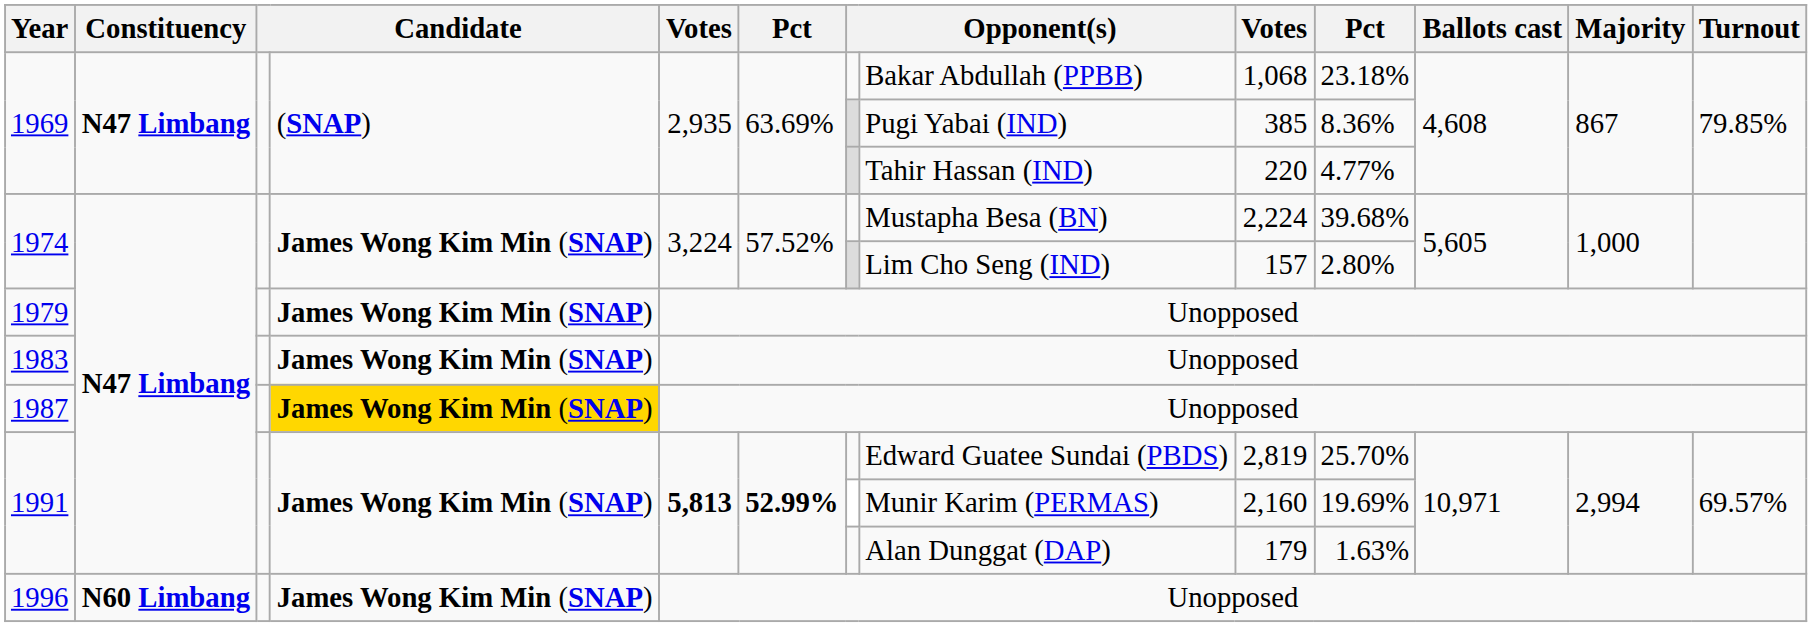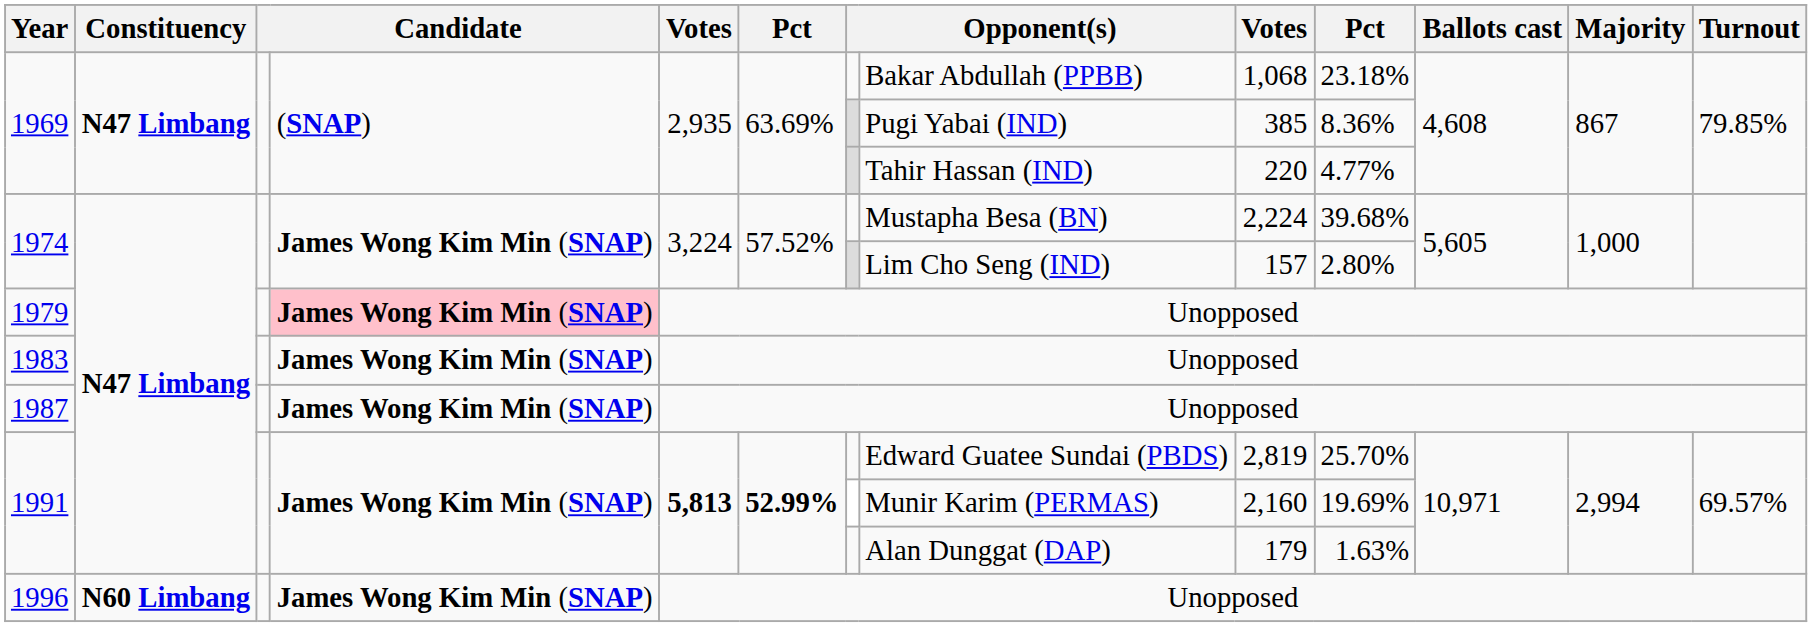 <table class="wikitable" style="margin:0.5em ; font-size:95%">
 <tr>
 <th>Year</th>
 <th>Constituency</th>
 <th colspan=2>Candidate</th>
 <th>Votes</th>
 <th>Pct</th>
 <th colspan=2>Opponent(s)</th>
 <th>Votes</th>
 <th>Pct</th>
 <th>Ballots cast</th>
 <th>Majority</th>
 <th>Turnout</th>
 </tr>
 <tr>
 <td rowspan=3><a href='#'>1969</a></td>
 <td rowspan=3><strong>N47 <a href='#'>Limbang</a></strong></td>
 <td rowspan=3></td>
 <td rowspan=3> (<a href='#'><strong>SNAP</strong></a>)</td>
 <td rowspan=3 align=right>2,935</td>
 <td rowspan=3>63.69%</td>
 <td></td>
 <td>Bakar Abdullah (<a href='#'>PPBB</a>)</td>
 <td align=right>1,068</td>
 <td>23.18%</td>
 <td rowspan=3>4,608</td>
 <td rowspan=3>867</td>
 <td rowspan=3>79.85%</td>
 </tr>
 <tr>
 <td bgcolor="#DCDCDC"></td>
 <td>Pugi Yabai (<a href='#'>IND</a>)</td>
 <td align=right>385</td>
 <td>8.36%</td>
 </tr>
 <tr>
 <td bgcolor="#DCDCDC"></td>
 <td>Tahir Hassan (<a href='#'>IND</a>)</td>
 <td align=right>220</td>
 <td>4.77%</td>
 </tr>
 <tr>
 <td rowspan=2><a href='#'>1974</a></td>
 <td rowspan=8><strong>N47 <a href='#'>Limbang</a></strong></td>
 <td rowspan=2></td>
 <td rowspan=2><strong>James Wong Kim Min</strong> (<a href='#'><strong>SNAP</strong></a>)</td>
 <td rowspan=2 align=right>3,224</td>
 <td rowspan=2>57.52%</td>
 <td></td>
 <td>Mustapha Besa (<a href='#'>BN</a>)</td>
 <td align=right>2,224</td>
 <td>39.68%</td>
 <td rowspan=2>5,605</td>
 <td rowspan=2>1,000</td>
 <td rowspan=2></td>
 </tr>
 <tr>
 <td bgcolor="#DCDCDC"></td>
 <td>Lim Cho Seng (<a href='#'>IND</a>)</td>
 <td align=right>157</td>
 <td>2.80%</td>
 </tr>
 <tr>
 <td><a href='#'>1979</a></td>
 <td></td>
-<td><strong>James Wong Kim Min</strong> (<a href='#'><strong>SNAP</strong></a>)</td>
+<td style="background: pink;"><strong>James Wong Kim Min</strong> (<a href='#'><strong>SNAP</strong></a>)</td>
 <td colspan=9 align=center>Unopposed</td>
 </tr>
 <tr>
 <td><a href='#'>1983</a></td>
 <td></td>
 <td><strong>James Wong Kim Min</strong> (<a href='#'><strong>SNAP</strong></a>)</td>
 <td colspan=9 align=center>Unopposed</td>
 </tr>
 <tr>
 <td><a href='#'>1987</a></td>
 <td></td>
-<td style="background: gold;"><strong>James Wong Kim Min</strong> (<a href='#'><strong>SNAP</strong></a>)</td>
+<td><strong>James Wong Kim Min</strong> (<a href='#'><strong>SNAP</strong></a>)</td>
 <td colspan=9 align=center>Unopposed</td>
 </tr>
 <tr>
 <td rowspan=3><a href='#'>1991</a></td>
 <td rowspan=3 ></td>
 <td rowspan=3><strong>James Wong Kim Min</strong> (<a href='#'><strong>SNAP</strong></a>)</td>
 <td rowspan=3 align=right><strong>5,813</strong></td>
 <td rowspan=3><strong>52.99%</strong></td>
 <td></td>
 <td>Edward Guatee Sundai (<a href='#'>PBDS</a>)</td>
 <td align=right>2,819</td>
 <td align=right>25.70%</td>
 <td rowspan=3>10,971</td>
 <td rowspan=3>2,994</td>
 <td rowspan=3>69.57%</td>
 </tr>
 <tr>
 <td bgcolor="#FFFFFF"></td>
 <td>Munir Karim (<a href='#'>PERMAS</a>)</td>
 <td align=right>2,160</td>
 <td align=right>19.69%</td>
 </tr>
 <tr>
 <td></td>
 <td>Alan Dunggat (<a href='#'>DAP</a>)</td>
 <td align=right>179</td>
 <td align=right>1.63%</td>
 </tr>
 <tr>
 <td><a href='#'>1996</a></td>
 <td><strong>N60 <a href='#'>Limbang</a></strong></td>
 <td></td>
 <td><strong>James Wong Kim Min</strong> (<a href='#'><strong>SNAP</strong></a>)</td>
 <td colspan=9 align=center>Unopposed</td>
 </tr>
 </table>
